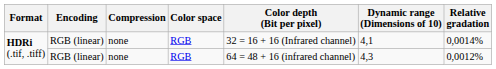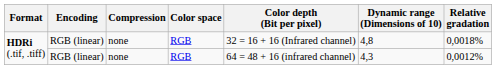 <table class="wikitable">
 <tr class="backgroundcolor5">
 <th>Format</th>
 <th>Encoding</th>
 <th>Compression</th>
 <th>Color space</th>
 <th>Color depth<br><span>(Bit per pixel)</span></th>
 <th>Dynamic range<br><span>(Dimensions of 10)</span></th>
 <th>Relative<br>gradation</th>
 </tr>
 <tr>
 <td rowspan="2"><strong>HDRi</strong><br>(.tif, .tiff)</td>
 <td>RGB <span>(linear)</span></td>
 <td>none</td>
 <td><a href='#'>RGB</a></td>
 <td>32 = 16 + 16 (Infrared channel)</td>
-<td>4,1</td>
-<td>0,0014%</td>
+<td>4,8</td>
+<td>0,0018%</td>
 </tr>
 <tr>
 <td>RGB <span>(linear)</span></td>
 <td>none</td>
 <td><a href='#'>RGB</a></td>
 <td>64 = 48 + 16 (infrared channel)</td>
 <td>4,3</td>
 <td>0,0012%</td>
 </tr>
 </table>
